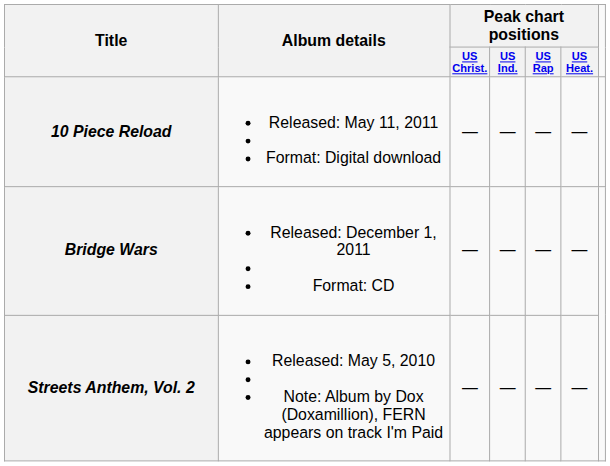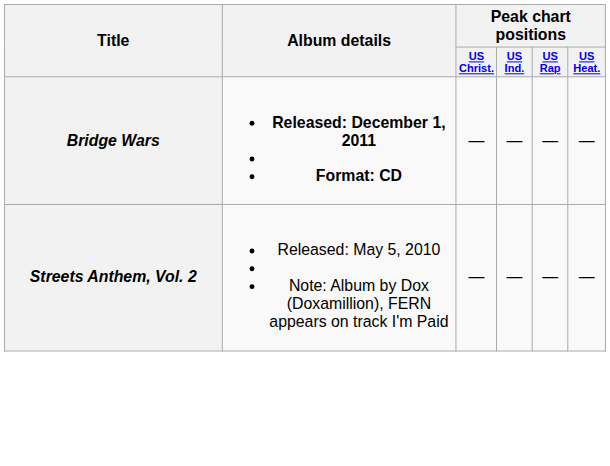 <table class="wikitable plainrowheaders" style="text-align:center;">
 <tr>
 <th scope="col" rowspan="2" style="width:16em;">Title</th>
 <th scope="col" rowspan="2" style="width:16em;">Album details</th>
 <th scope="col" colspan="4">Peak chart positions</th>
 </tr>
 <tr>
 <th style="width:3em; font-size:70%"><a href='#'>US<br>Christ.</a><br></th>
 <th style="width:3em; font-size:70%"><a href='#'>US<br>Ind.</a><br></th>
 <th style="width:3em; font-size:70%"><a href='#'>US<br>Rap</a><br></th>
 <th style="width:3em; font-size:70%"><a href='#'>US<br>Heat.</a><br></th>
 </tr>
 <tr>
-<th scope="row"><em>10 Piece Reload</em></th>
-<td><br><ul><li>Released: May 11, 2011</li><li></li><li>Format: Digital download</li></ul></td>
-<td>—</td>
-<td>—</td>
-<td>—</td>
-<td>—</td>
-<td></td>
-</tr>
-<tr>
 <th scope="row"><em>Bridge Wars</em></th>
-<td><br><ul><li>Released: December 1, 2011</li><li></li><li>Format: CD</li></ul></td>
+<td><strong><br><ul><li>Released: December 1, 2011</li><li></li><li>Format: CD</li></ul></strong></td>
 <td>—</td>
 <td>—</td>
 <td>—</td>
 <td>—</td>
 </tr>
 <tr>
 <th scope="row"><em>Streets Anthem, Vol. 2</em></th>
 <td><br><ul><li>Released: May 5, 2010</li><li></li><li>Note: Album by Dox (Doxamillion), FERN appears on track I'm Paid</li></ul></td>
 <td>—</td>
 <td>—</td>
 <td>—</td>
 <td>—</td>
 </tr>
 </table>
